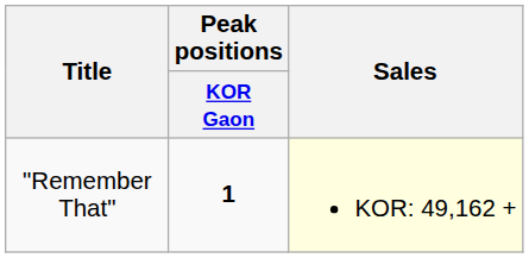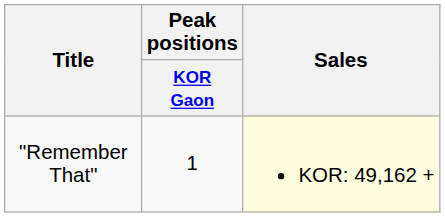 <table class="wikitable" style="text-align:center;">
 <tr>
 <th rowspan=2 width="100">Title</th>
 <th>Peak positions</th>
 <th rowspan=2>Sales</th>
 </tr>
 <tr>
 <th width="40"><small><a href='#'>KOR<br>Gaon</a></small></th>
 </tr>
 <tr>
 <td>"Remember That"</td>
-<td><strong>1</strong></td>
+<td>1</td>
 <td style="background: lightyellow;"><br><ul><li>KOR: 49,162 +</li></ul></td>
 </tr>
 </table>
